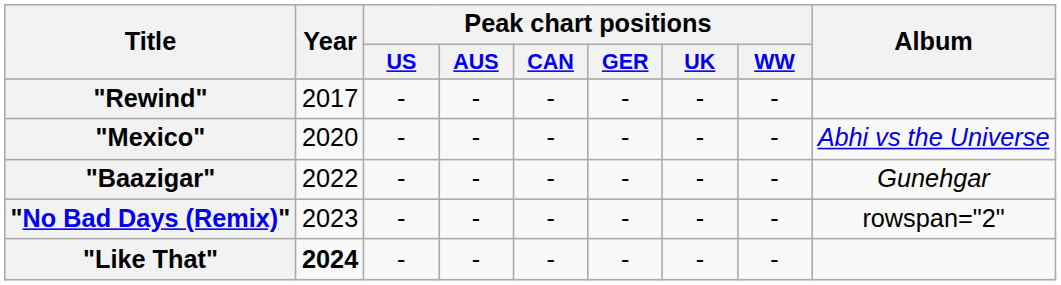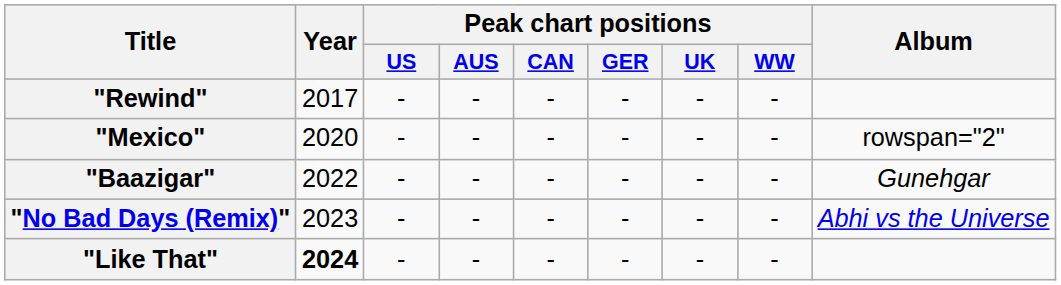 <table class="wikitable plainrowheaders" style="text-align:center;">
 <tr>
 <th scope="col" rowspan="2">Title</th>
 <th scope="col" rowspan="2">Year</th>
 <th scope="col" colspan="6">Peak chart positions</th>
 <th scope="col" rowspan="2">Album</th>
 </tr>
 <tr>
 <th scope="col" style="width:3em;font-size:85%"><a href='#'>US</a><br></th>
 <th scope="col" style="width:3em;font-size:85%"><a href='#'>AUS</a><br></th>
 <th scope="col" style="width:3em;font-size:85%"><a href='#'>CAN</a><br></th>
 <th scope="col" style="width:3em;font-size:85%"><a href='#'>GER</a><br></th>
 <th scope="col" style="width:3em;font-size:85%"><a href='#'>UK</a><br></th>
 <th scope="col" style="width:3em;font-size:85%"><a href='#'>WW</a><br></th>
 </tr>
 <tr>
 <th scope="row">"Rewind"<br></th>
 <td>2017</td>
 <td>-</td>
 <td>-</td>
 <td>-</td>
 <td>-</td>
 <td>-</td>
 <td>-</td>
 <td></td>
 </tr>
 <tr>
 <th scope="row">"Mexico"<br></th>
 <td>2020</td>
 <td>-</td>
 <td>-</td>
 <td>-</td>
 <td>-</td>
 <td>-</td>
 <td>-</td>
-<td><em><a href='#'>Abhi vs the Universe</a></em></td>
+<td>rowspan="2" </td>
 </tr>
 <tr>
 <th scope="row">"Baazigar"<br></th>
 <td>2022</td>
 <td>-</td>
 <td>-</td>
 <td>-</td>
 <td>-</td>
 <td>-</td>
 <td>-</td>
 <td><em>Gunehgar</em></td>
 </tr>
 <tr>
 <th scope="row">"<a href='#'>No Bad Days (Remix)</a>"<br></th>
 <td>2023</td>
 <td>-</td>
 <td>-</td>
 <td>-</td>
 <td>-</td>
 <td>-</td>
 <td>-</td>
-<td>rowspan="2" </td>
+<td><em><a href='#'>Abhi vs the Universe</a></em></td>
 </tr>
 <tr>
 <th scope="row">"Like That"<br></th>
 <td><strong>2024</strong></td>
 <td>-</td>
 <td>-</td>
 <td>-</td>
 <td>-</td>
 <td>-</td>
 <td>-</td>
 </tr>
 </table>
